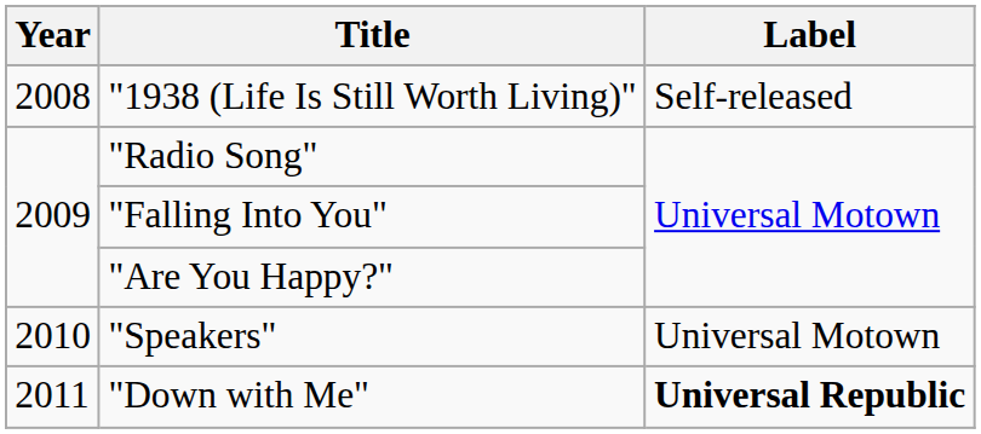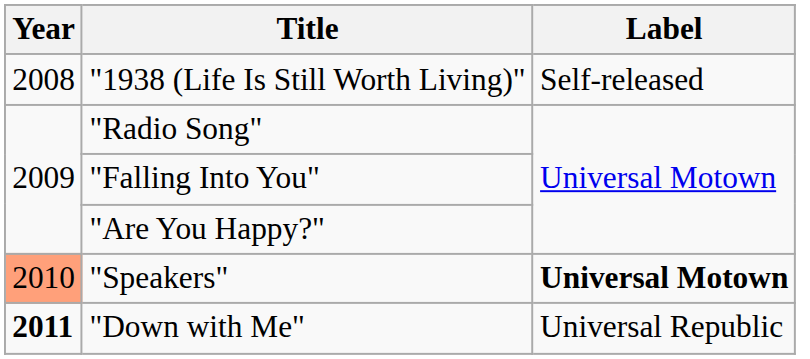 <table class="wikitable" border="1">
 <tr>
 <th>Year</th>
 <th>Title</th>
 <th>Label</th>
 </tr>
 <tr>
 <td>2008</td>
 <td>"1938 (Life Is Still Worth Living)"</td>
 <td>Self-released</td>
 </tr>
 <tr>
 <td rowspan="3">2009</td>
 <td>"Radio Song"</td>
 <td rowspan="3"><a href='#'>Universal Motown</a></td>
 </tr>
 <tr>
 <td>"Falling Into You"</td>
 </tr>
 <tr>
 <td>"Are You Happy?"</td>
 </tr>
 <tr>
-<td>2010</td>
+<td style="background: lightsalmon;">2010</td>
 <td>"Speakers"</td>
-<td>Universal Motown</td>
+<td><strong>Universal Motown</strong></td>
 </tr>
 <tr>
-<td>2011</td>
+<td><strong>2011</strong></td>
 <td>"Down with Me"</td>
-<td><strong>Universal Republic</strong></td>
+<td>Universal Republic</td>
 </tr>
 </table>
